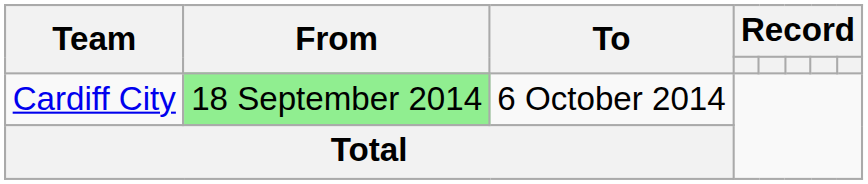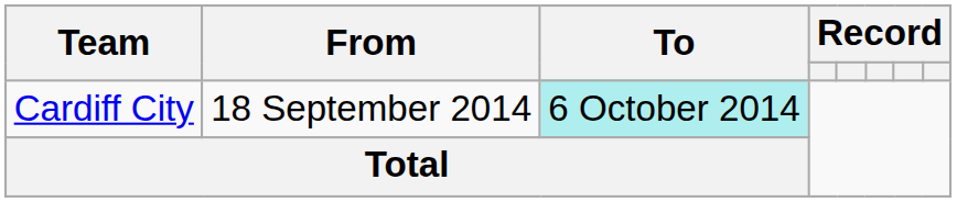 <table class=wikitable style="text-align: center">
 <tr>
 <th rowspan=2>Team</th>
 <th rowspan=2>From</th>
 <th rowspan=2>To</th>
 <th colspan=5>Record</th>
 </tr>
 <tr>
 <th></th>
 <th></th>
 <th></th>
 <th></th>
 <th></th>
 </tr>
 <tr>
 <td align=left><a href='#'>Cardiff City</a></td>
-<td align=left style="background: lightgreen;">18 September 2014</td>
-<td align=left>6 October 2014<br></td>
+<td align=left>18 September 2014</td>
+<td align=left style="background: paleturquoise;">6 October 2014<br></td>
 </tr>
 <tr>
 <th colspan=3>Total<br></th>
 </tr>
 </table>
